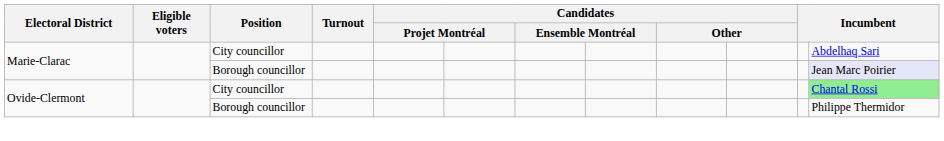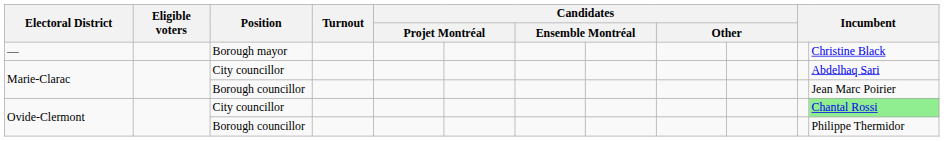 <table class="wikitable" width="100%">
 <tr>
 <th width=10% rowspan=2>Electoral District</th>
 <th width=6% rowspan=2>Eligible voters</th>
 <th width=8% rowspan=2>Position</th>
 <th width=4% rowspan=2>Turnout</th>
 <th colspan=6>Candidates</th>
 <th width=11% colspan=2 rowspan=2>Incumbent</th>
 </tr>
 <tr>
 <th width=11% colspan=2 ><span>Projet Montréal</span></th>
 <th width=11% colspan=2 ><span>Ensemble Montréal</span></th>
 <th width=11% colspan=2 >Other</th>
+</tr>
+<tr>
+<td>—</td>
+<td></td>
+<td>Borough mayor</td>
+<td></td>
+<td></td>
+<td></td>
+<td></td>
+<td></td>
+<td></td>
+<td></td>
+<td> </td>
+<td><a href='#'>Christine Black</a></td>
 </tr>
 <tr>
 <td rowspan=2>Marie-Clarac</td>
 <td rowspan=2></td>
 <td>City councillor</td>
 <td></td>
 <td></td>
 <td></td>
 <td></td>
 <td></td>
 <td></td>
 <td></td>
 <td> </td>
 <td><a href='#'>Abdelhaq Sari</a></td>
 </tr>
 <tr>
 <td>Borough councillor</td>
 <td></td>
 <td></td>
 <td></td>
 <td></td>
 <td></td>
 <td></td>
 <td></td>
 <td> </td>
-<td style="background: lavender;">Jean Marc Poirier</td>
+<td>Jean Marc Poirier</td>
 </tr>
 <tr>
 <td rowspan=2>Ovide-Clermont</td>
 <td rowspan=2></td>
 <td>City councillor</td>
 <td></td>
 <td></td>
 <td></td>
 <td></td>
 <td></td>
 <td></td>
 <td></td>
 <td> </td>
 <td style="background: lightgreen;"><a href='#'>Chantal Rossi</a></td>
 </tr>
 <tr>
 <td>Borough councillor</td>
 <td></td>
 <td></td>
 <td></td>
 <td></td>
 <td></td>
 <td></td>
 <td></td>
 <td> </td>
 <td>Philippe Thermidor</td>
 </tr>
 </table>
